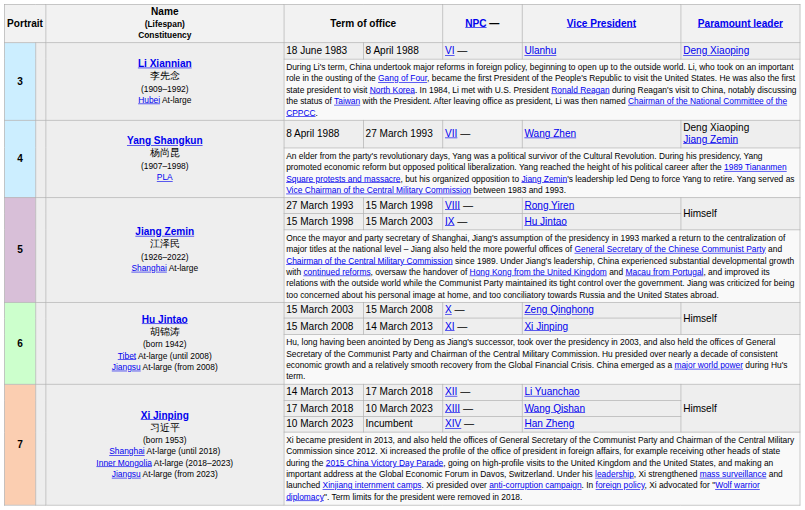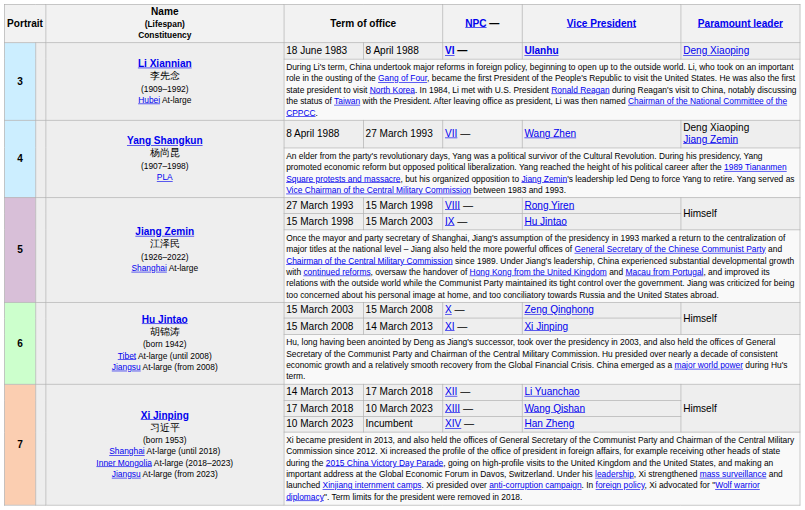 <table class="wikitable" width=100%>
 <tr>
 <th colspan="2" width=5%>Portrait</th>
 <th width=30%>Name<br><small>(Lifespan)<br>Constituency</small></th>
 <th colspan="2" width=30%>Term of office</th>
 <th width=10%><a href='#'>NPC</a> — </th>
 <th width=20%><a href='#'>Vice President</a></th>
 <th width=20%><a href='#'>Paramount leader</a></th>
 </tr>
 <tr bgcolor=#EEEEEE>
 <th rowspan="2" style="background-color: #CCEEFF">3</th>
 <td rowspan="2"></td>
 <td rowspan="2" align="center"><strong><a href='#'>Li Xiannian</a></strong><br><span>李先念</span><small><br>(1909–1992)<br><a href='#'>Hubei</a> At-large</small></td>
 <td width=10%>18 June 1983</td>
 <td width=10%>8 April 1988</td>
-<td><a href='#'>VI</a> — </td>
-<td><a href='#'>Ulanhu</a></td>
+<td><strong><a href='#'>VI</a> — </strong></td>
+<td><strong><a href='#'>Ulanhu</a></strong></td>
 <td><a href='#'>Deng Xiaoping</a></td>
 </tr>
 <tr>
 <td colspan="5"><small>During Li's term, China undertook major reforms in foreign policy,  beginning to open up to the outside world. Li, who took on an important role in the ousting of the <a href='#'>Gang of Four</a>, became the first President of the People's Republic to visit the United States. He was also the first state president to visit <a href='#'>North Korea</a>. In 1984, Li met with U.S. President <a href='#'>Ronald Reagan</a> during Reagan's visit to China, notably discussing the status of <a href='#'>Taiwan</a> with the President. After leaving office as president, Li was then named <a href='#'>Chairman of the National Committee of the CPPCC</a>.</small></td>
 </tr>
 <tr bgcolor=#EEEEEE>
 <th rowspan="2" style="background-color: #CCEEFF">4</th>
 <td rowspan="2"></td>
 <td rowspan="2" align="center"><strong><a href='#'>Yang Shangkun</a></strong><br><span>杨尚昆</span><small><br>(1907–1998)<br><a href='#'>PLA</a></small></td>
 <td width=10%>8 April 1988</td>
 <td width=10%>27 March 1993</td>
 <td><a href='#'>VII</a> — </td>
 <td><a href='#'>Wang Zhen</a></td>
 <td>Deng Xiaoping<br><a href='#'>Jiang Zemin</a></td>
 </tr>
 <tr>
 <td colspan="5"><small>An elder from the party's revolutionary days, Yang was a political survivor of the Cultural Revolution. During his presidency, Yang promoted economic reform but opposed political liberalization. Yang reached the height of his political career after the <a href='#'>1989 Tiananmen Square protests and massacre</a>, but his organized opposition to <a href='#'>Jiang Zemin</a>'s leadership led Deng to force Yang to retire. Yang served as <a href='#'>Vice Chairman of the Central Military Commission</a> between 1983 and 1993.</small></td>
 </tr>
 <tr bgcolor=#EEEEEE>
 <th rowspan="3" style="background-color: #D8BFD8">5</th>
 <td rowspan="3"></td>
 <td rowspan="3" align="center"><strong><a href='#'>Jiang Zemin</a></strong><br><span>江泽民</span><small><br>(1926–2022)<br><a href='#'>Shanghai</a> At-large</small></td>
 <td width=10%>27 March 1993</td>
 <td width=10%>15 March 1998</td>
 <td><a href='#'>VIII</a> — </td>
 <td><a href='#'>Rong Yiren</a></td>
 <td rowspan="2">Himself</td>
 </tr>
 <tr bgcolor=#EEEEEE>
 <td width=10%>15 March 1998</td>
 <td width=10%>15 March 2003</td>
 <td><a href='#'>IX</a> — </td>
 <td><a href='#'>Hu Jintao</a></td>
 </tr>
 <tr>
 <td colspan="5"><small>Once the mayor and party secretary of Shanghai, Jiang's assumption of the presidency in 1993 marked a return to the centralization of major titles at the national level – Jiang also held the more powerful offices of <a href='#'>General Secretary of the Chinese Communist Party</a> and <a href='#'>Chairman of the Central Military Commission</a> since 1989. Under Jiang's leadership, China experienced substantial developmental growth with <a href='#'>continued reforms</a>, oversaw the handover of <a href='#'>Hong Kong from the United Kingdom</a> and <a href='#'>Macau from Portugal</a>, and improved its relations with the outside world while the Communist Party maintained its tight control over the government. Jiang was criticized for being too concerned about his personal image at home, and too conciliatory towards Russia and the United States abroad.</small></td>
 </tr>
 <tr bgcolor=#EEEEEE>
 <th rowspan="3" style="background-color: #CCFFCC">6</th>
 <td rowspan="3"></td>
 <td rowspan="3" align="center"><strong><a href='#'>Hu Jintao</a></strong><br><span>胡锦涛</span><small><br>(born 1942)<br><a href='#'>Tibet</a> At-large (until 2008)<br><a href='#'>Jiangsu</a> At-large (from 2008)</small></td>
 <td width=10%>15 March 2003</td>
 <td width=10%>15 March 2008</td>
 <td><a href='#'>X</a> — </td>
 <td><a href='#'>Zeng Qinghong</a></td>
 <td rowspan="2">Himself</td>
 </tr>
 <tr bgcolor=#EEEEEE>
 <td width=10%>15 March 2008</td>
 <td width=10%>14 March 2013</td>
 <td><a href='#'>XI</a> — </td>
 <td><a href='#'>Xi Jinping</a></td>
 </tr>
 <tr>
 <td colspan="5"><small>Hu, long having been anointed by Deng as Jiang's successor, took over the presidency in 2003, and also held the offices of General Secretary of the Communist Party and Chairman of the Central Military Commission. Hu presided over nearly a decade of consistent economic growth and a relatively smooth recovery from the Global Financial Crisis. China emerged as a <a href='#'>major world power</a> during Hu's term.</small></td>
 </tr>
 <tr bgcolor=#EEEEEE>
 <th rowspan="4" style="background-color: #FBCEB1" width=20>7</th>
 <td rowspan="4"></td>
 <td rowspan="4" align="center"><strong><a href='#'>Xi Jinping</a></strong><br><span>习近平</span><small><br>(born 1953)<br><a href='#'>Shanghai</a> At-large (until 2018)<br><a href='#'>Inner Mongolia</a> At-large (2018–2023)<br><a href='#'>Jiangsu</a> At-large (from 2023)</small></td>
 <td width=10%>14 March 2013</td>
 <td width=10%>17 March 2018</td>
 <td><a href='#'>XII</a> — </td>
 <td><a href='#'>Li Yuanchao</a></td>
 <td rowspan="3">Himself</td>
 </tr>
 <tr bgcolor=#EEEEEE>
 <td width=10%>17 March 2018</td>
 <td width=10%>10 March 2023</td>
 <td><a href='#'>XIII</a> — </td>
 <td><a href='#'>Wang Qishan</a></td>
 </tr>
 <tr bgcolor=#EEEEEE>
 <td width=10%>10 March 2023</td>
 <td width=10%>Incumbent</td>
 <td><a href='#'>XIV</a> — </td>
 <td><a href='#'>Han Zheng</a></td>
 </tr>
 <tr>
 <td colspan="5"><small>Xi became president in 2013, and also held the offices of General Secretary of the Communist Party and Chairman of the Central Military Commission since 2012. Xi increased the profile of the office of president in foreign affairs, for example receiving other heads of state during the <a href='#'>2015 China Victory Day Parade</a>, going on high-profile visits to the United Kingdom and the United States, and making an important address at the Global Economic Forum in Davos, Switzerland. Under his <a href='#'>leadership</a>, Xi strengthened <a href='#'>mass surveillance</a> and launched <a href='#'>Xinjiang internment camps</a>. Xi presided over <a href='#'>anti-corruption campaign</a>. In <a href='#'>foreign policy</a>, Xi advocated for "<a href='#'>Wolf warrior diplomacy</a>". Term limits for the president were removed in 2018.</small></td>
 </tr>
 </table>
